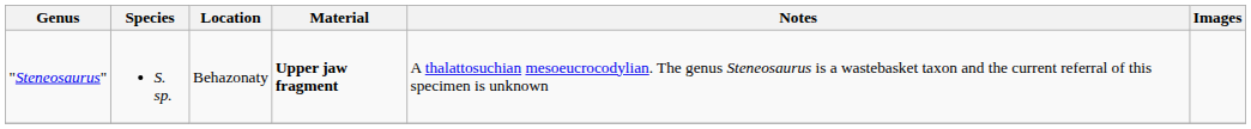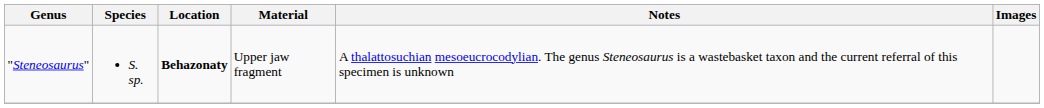 <table class="wikitable">
 <tr>
 <th>Genus</th>
 <th>Species</th>
 <th>Location</th>
 <th>Material</th>
 <th>Notes</th>
 <th>Images</th>
 </tr>
 <tr>
 <td>"<em><a href='#'>Steneosaurus</a></em>"</td>
 <td><br><ul><li><em>S. sp.</em></li></ul></td>
-<td>Behazonaty</td>
-<td><strong>Upper jaw fragment</strong></td>
+<td><strong>Behazonaty</strong></td>
+<td>Upper jaw fragment</td>
 <td>A <a href='#'>thalattosuchian</a> <a href='#'>mesoeucrocodylian</a>. The genus <em>Steneosaurus</em> is a wastebasket taxon and the current referral of this specimen is unknown</td>
 <td></td>
 </tr>
 <tr>
 </tr>
 </table>
